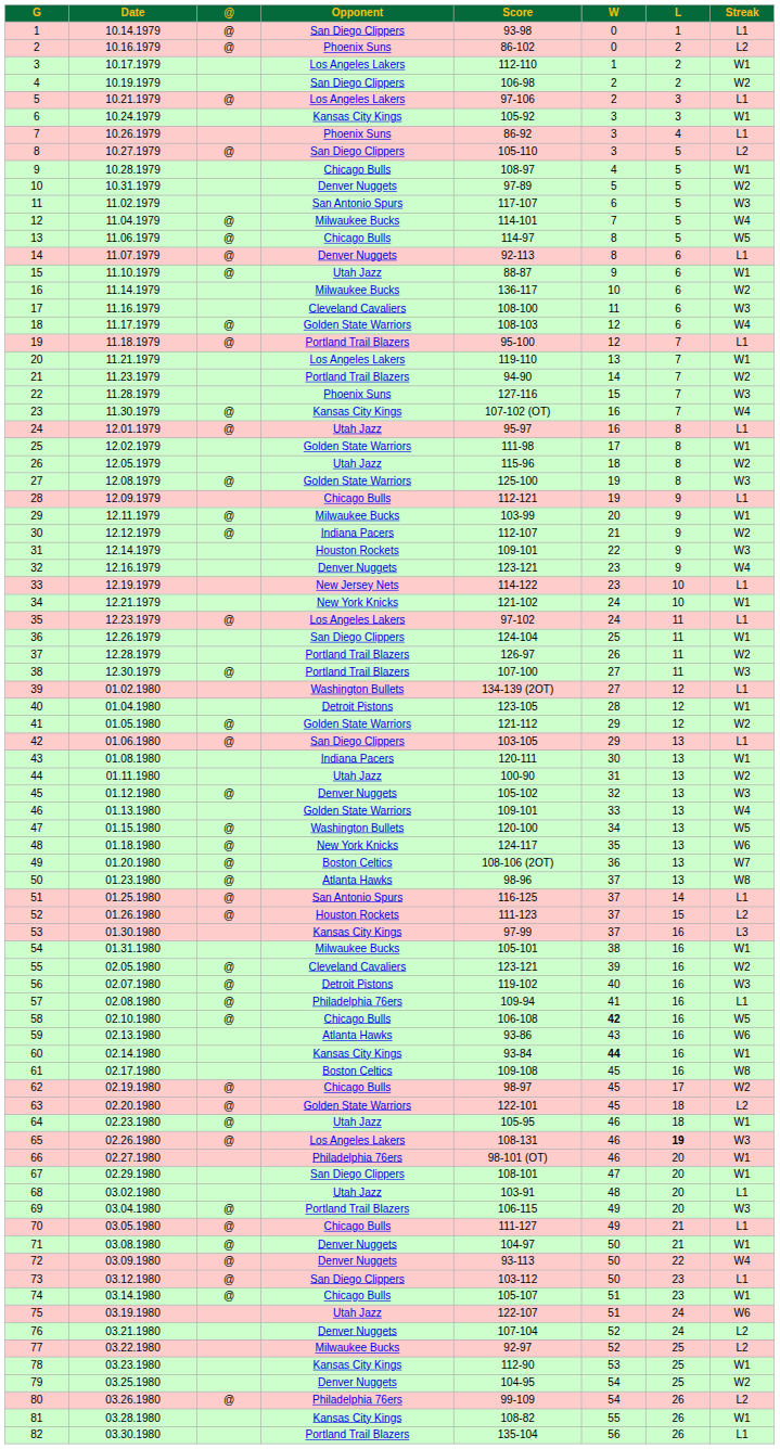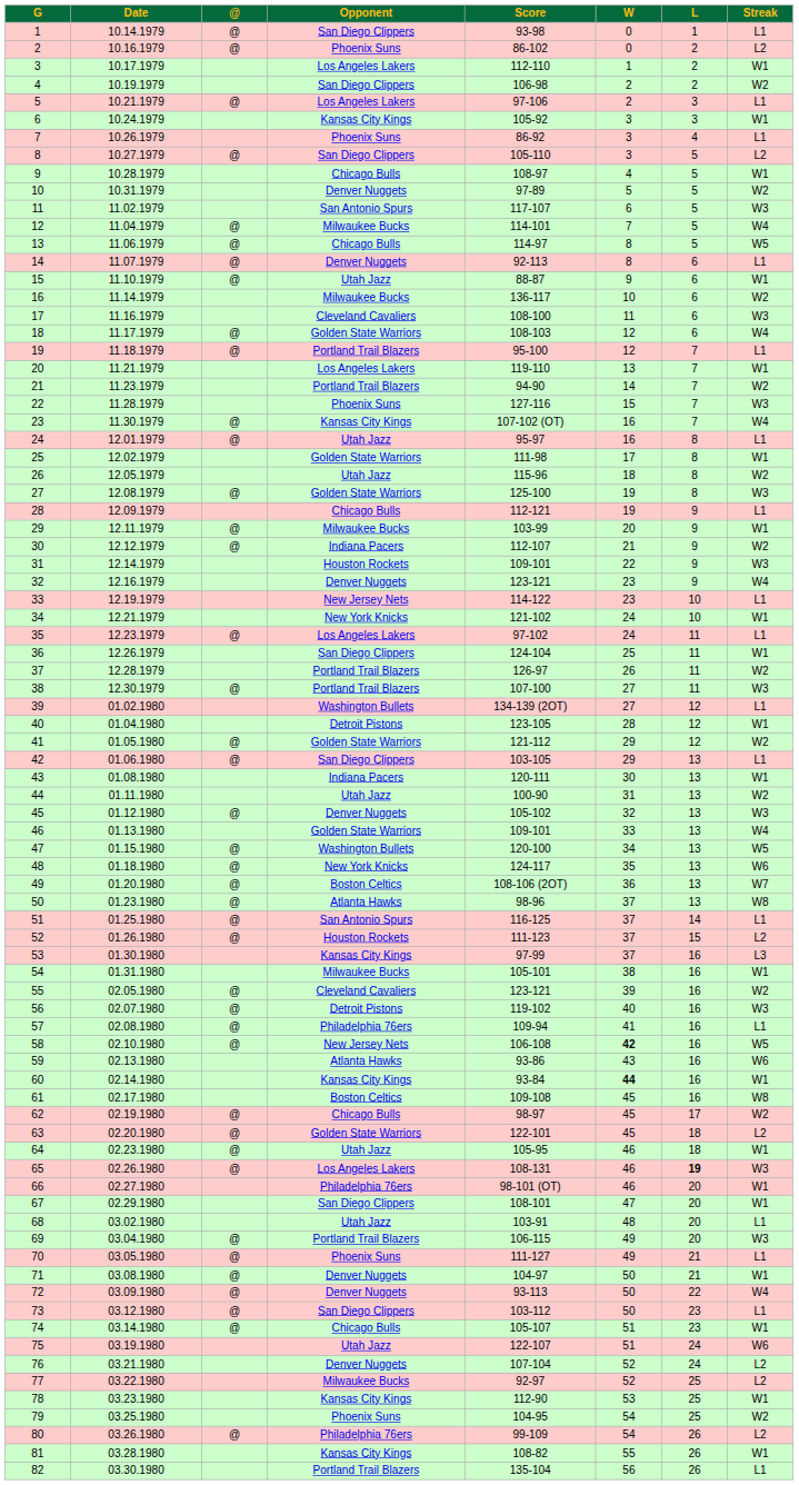 <table class="wikitable">
 <tr>
 <th style="background:#046A3C; color:#FCBE14" width="5%">G</th>
 <th style="background:#046A3C; color:#FCBE14" width="10%">Date</th>
 <th style="background:#046A3C; color:#FCBE14" width="5%">@</th>
 <th style="background:#046A3C; color:#FCBE14" width="15%">Opponent</th>
 <th style="background:#046A3C; color:#FCBE14" width="10%">Score</th>
 <th style="background:#046A3C; color:#FCBE14" width="5%">W</th>
 <th style="background:#046A3C; color:#FCBE14" width="5%">L</th>
 <th style="background:#046A3C; color:#FCBE14" width="5%">Streak</th>
 </tr>
 <tr style="text-align:center; background:#ffcccc;">
 <td>1</td>
 <td>10.14.1979</td>
 <td>@</td>
 <td><a href='#'>San Diego Clippers</a></td>
 <td>93-98</td>
 <td>0</td>
 <td>1</td>
 <td>L1</td>
 </tr>
 <tr style="text-align:center; background:#ffcccc;">
 <td>2</td>
 <td>10.16.1979</td>
 <td>@</td>
 <td><a href='#'>Phoenix Suns</a></td>
 <td>86-102</td>
 <td>0</td>
 <td>2</td>
 <td>L2</td>
 </tr>
 <tr style="text-align:center; background:#ccffcc;">
 <td>3</td>
 <td>10.17.1979</td>
 <td></td>
 <td><a href='#'>Los Angeles Lakers</a></td>
 <td>112-110</td>
 <td>1</td>
 <td>2</td>
 <td>W1</td>
 </tr>
 <tr style="text-align:center; background:#ccffcc;">
 <td>4</td>
 <td>10.19.1979</td>
 <td></td>
 <td><a href='#'>San Diego Clippers</a></td>
 <td>106-98</td>
 <td>2</td>
 <td>2</td>
 <td>W2</td>
 </tr>
 <tr style="text-align:center; background:#ffcccc;">
 <td>5</td>
 <td>10.21.1979</td>
 <td>@</td>
 <td><a href='#'>Los Angeles Lakers</a></td>
 <td>97-106</td>
 <td>2</td>
 <td>3</td>
 <td>L1</td>
 </tr>
 <tr style="text-align:center; background:#ccffcc;">
 <td>6</td>
 <td>10.24.1979</td>
 <td></td>
 <td><a href='#'>Kansas City Kings</a></td>
 <td>105-92</td>
 <td>3</td>
 <td>3</td>
 <td>W1</td>
 </tr>
 <tr style="text-align:center; background:#ffcccc;">
 <td>7</td>
 <td>10.26.1979</td>
 <td></td>
 <td><a href='#'>Phoenix Suns</a></td>
 <td>86-92</td>
 <td>3</td>
 <td>4</td>
 <td>L1</td>
 </tr>
 <tr style="text-align:center; background:#ffcccc;">
 <td>8</td>
 <td>10.27.1979</td>
 <td>@</td>
 <td><a href='#'>San Diego Clippers</a></td>
 <td>105-110</td>
 <td>3</td>
 <td>5</td>
 <td>L2</td>
 </tr>
 <tr style="text-align:center; background:#ccffcc;">
 <td>9</td>
 <td>10.28.1979</td>
 <td></td>
 <td><a href='#'>Chicago Bulls</a></td>
 <td>108-97</td>
 <td>4</td>
 <td>5</td>
 <td>W1</td>
 </tr>
 <tr style="text-align:center; background:#ccffcc;">
 <td>10</td>
 <td>10.31.1979</td>
 <td></td>
 <td><a href='#'>Denver Nuggets</a></td>
 <td>97-89</td>
 <td>5</td>
 <td>5</td>
 <td>W2</td>
 </tr>
 <tr style="text-align:center; background:#ccffcc;">
 <td>11</td>
 <td>11.02.1979</td>
 <td></td>
 <td><a href='#'>San Antonio Spurs</a></td>
 <td>117-107</td>
 <td>6</td>
 <td>5</td>
 <td>W3</td>
 </tr>
 <tr style="text-align:center; background:#ccffcc;">
 <td>12</td>
 <td>11.04.1979</td>
 <td>@</td>
 <td><a href='#'>Milwaukee Bucks</a></td>
 <td>114-101</td>
 <td>7</td>
 <td>5</td>
 <td>W4</td>
 </tr>
 <tr style="text-align:center; background:#ccffcc;">
 <td>13</td>
 <td>11.06.1979</td>
 <td>@</td>
 <td><a href='#'>Chicago Bulls</a></td>
 <td>114-97</td>
 <td>8</td>
 <td>5</td>
 <td>W5</td>
 </tr>
 <tr style="text-align:center; background:#ffcccc;">
 <td>14</td>
 <td>11.07.1979</td>
 <td>@</td>
 <td><a href='#'>Denver Nuggets</a></td>
 <td>92-113</td>
 <td>8</td>
 <td>6</td>
 <td>L1</td>
 </tr>
 <tr style="text-align:center; background:#ccffcc;">
 <td>15</td>
 <td>11.10.1979</td>
 <td>@</td>
 <td><a href='#'>Utah Jazz</a></td>
 <td>88-87</td>
 <td>9</td>
 <td>6</td>
 <td>W1</td>
 </tr>
 <tr style="text-align:center; background:#ccffcc;">
 <td>16</td>
 <td>11.14.1979</td>
 <td></td>
 <td><a href='#'>Milwaukee Bucks</a></td>
 <td>136-117</td>
 <td>10</td>
 <td>6</td>
 <td>W2</td>
 </tr>
 <tr style="text-align:center; background:#ccffcc;">
 <td>17</td>
 <td>11.16.1979</td>
 <td></td>
 <td><a href='#'>Cleveland Cavaliers</a></td>
 <td>108-100</td>
 <td>11</td>
 <td>6</td>
 <td>W3</td>
 </tr>
 <tr style="text-align:center; background:#ccffcc;">
 <td>18</td>
 <td>11.17.1979</td>
 <td>@</td>
 <td><a href='#'>Golden State Warriors</a></td>
 <td>108-103</td>
 <td>12</td>
 <td>6</td>
 <td>W4</td>
 </tr>
 <tr style="text-align:center; background:#ffcccc;">
 <td>19</td>
 <td>11.18.1979</td>
 <td>@</td>
 <td><a href='#'>Portland Trail Blazers</a></td>
 <td>95-100</td>
 <td>12</td>
 <td>7</td>
 <td>L1</td>
 </tr>
 <tr style="text-align:center; background:#ccffcc;">
 <td>20</td>
 <td>11.21.1979</td>
 <td></td>
 <td><a href='#'>Los Angeles Lakers</a></td>
 <td>119-110</td>
 <td>13</td>
 <td>7</td>
 <td>W1</td>
 </tr>
 <tr style="text-align:center; background:#ccffcc;">
 <td>21</td>
 <td>11.23.1979</td>
 <td></td>
 <td><a href='#'>Portland Trail Blazers</a></td>
 <td>94-90</td>
 <td>14</td>
 <td>7</td>
 <td>W2</td>
 </tr>
 <tr style="text-align:center; background:#ccffcc;">
 <td>22</td>
 <td>11.28.1979</td>
 <td></td>
 <td><a href='#'>Phoenix Suns</a></td>
 <td>127-116</td>
 <td>15</td>
 <td>7</td>
 <td>W3</td>
 </tr>
 <tr style="text-align:center; background:#ccffcc;">
 <td>23</td>
 <td>11.30.1979</td>
 <td>@</td>
 <td><a href='#'>Kansas City Kings</a></td>
 <td>107-102 (OT)</td>
 <td>16</td>
 <td>7</td>
 <td>W4</td>
 </tr>
 <tr style="text-align:center; background:#ffcccc;">
 <td>24</td>
 <td>12.01.1979</td>
 <td>@</td>
 <td><a href='#'>Utah Jazz</a></td>
 <td>95-97</td>
 <td>16</td>
 <td>8</td>
 <td>L1</td>
 </tr>
 <tr style="text-align:center; background:#ccffcc;">
 <td>25</td>
 <td>12.02.1979</td>
 <td></td>
 <td><a href='#'>Golden State Warriors</a></td>
 <td>111-98</td>
 <td>17</td>
 <td>8</td>
 <td>W1</td>
 </tr>
 <tr style="text-align:center; background:#ccffcc;">
 <td>26</td>
 <td>12.05.1979</td>
 <td></td>
 <td><a href='#'>Utah Jazz</a></td>
 <td>115-96</td>
 <td>18</td>
 <td>8</td>
 <td>W2</td>
 </tr>
 <tr style="text-align:center; background:#ccffcc;">
 <td>27</td>
 <td>12.08.1979</td>
 <td>@</td>
 <td><a href='#'>Golden State Warriors</a></td>
 <td>125-100</td>
 <td>19</td>
 <td>8</td>
 <td>W3</td>
 </tr>
 <tr style="text-align:center; background:#ffcccc;">
 <td>28</td>
 <td>12.09.1979</td>
 <td></td>
 <td><a href='#'>Chicago Bulls</a></td>
 <td>112-121</td>
 <td>19</td>
 <td>9</td>
 <td>L1</td>
 </tr>
 <tr style="text-align:center; background:#ccffcc;">
 <td>29</td>
 <td>12.11.1979</td>
 <td>@</td>
 <td><a href='#'>Milwaukee Bucks</a></td>
 <td>103-99</td>
 <td>20</td>
 <td>9</td>
 <td>W1</td>
 </tr>
 <tr style="text-align:center; background:#ccffcc;">
 <td>30</td>
 <td>12.12.1979</td>
 <td>@</td>
 <td><a href='#'>Indiana Pacers</a></td>
 <td>112-107</td>
 <td>21</td>
 <td>9</td>
 <td>W2</td>
 </tr>
 <tr style="text-align:center; background:#ccffcc;">
 <td>31</td>
 <td>12.14.1979</td>
 <td></td>
 <td><a href='#'>Houston Rockets</a></td>
 <td>109-101</td>
 <td>22</td>
 <td>9</td>
 <td>W3</td>
 </tr>
 <tr style="text-align:center; background:#ccffcc;">
 <td>32</td>
 <td>12.16.1979</td>
 <td></td>
 <td><a href='#'>Denver Nuggets</a></td>
 <td>123-121</td>
 <td>23</td>
 <td>9</td>
 <td>W4</td>
 </tr>
 <tr style="text-align:center; background:#ffcccc;">
 <td>33</td>
 <td>12.19.1979</td>
 <td></td>
 <td><a href='#'>New Jersey Nets</a></td>
 <td>114-122</td>
 <td>23</td>
 <td>10</td>
 <td>L1</td>
 </tr>
 <tr style="text-align:center; background:#ccffcc;">
 <td>34</td>
 <td>12.21.1979</td>
 <td></td>
 <td><a href='#'>New York Knicks</a></td>
 <td>121-102</td>
 <td>24</td>
 <td>10</td>
 <td>W1</td>
 </tr>
 <tr style="text-align:center; background:#ffcccc;">
 <td>35</td>
 <td>12.23.1979</td>
 <td>@</td>
 <td><a href='#'>Los Angeles Lakers</a></td>
 <td>97-102</td>
 <td>24</td>
 <td>11</td>
 <td>L1</td>
 </tr>
 <tr style="text-align:center; background:#ccffcc;">
 <td>36</td>
 <td>12.26.1979</td>
 <td></td>
 <td><a href='#'>San Diego Clippers</a></td>
 <td>124-104</td>
 <td>25</td>
 <td>11</td>
 <td>W1</td>
 </tr>
 <tr style="text-align:center; background:#ccffcc;">
 <td>37</td>
 <td>12.28.1979</td>
 <td></td>
 <td><a href='#'>Portland Trail Blazers</a></td>
 <td>126-97</td>
 <td>26</td>
 <td>11</td>
 <td>W2</td>
 </tr>
 <tr style="text-align:center; background:#ccffcc;">
 <td>38</td>
 <td>12.30.1979</td>
 <td>@</td>
 <td><a href='#'>Portland Trail Blazers</a></td>
 <td>107-100</td>
 <td>27</td>
 <td>11</td>
 <td>W3</td>
 </tr>
 <tr style="text-align:center; background:#ffcccc;">
 <td>39</td>
 <td>01.02.1980</td>
 <td></td>
 <td><a href='#'>Washington Bullets</a></td>
 <td>134-139 (2OT)</td>
 <td>27</td>
 <td>12</td>
 <td>L1</td>
 </tr>
 <tr style="text-align:center; background:#ccffcc;">
 <td>40</td>
 <td>01.04.1980</td>
 <td></td>
 <td><a href='#'>Detroit Pistons</a></td>
 <td>123-105</td>
 <td>28</td>
 <td>12</td>
 <td>W1</td>
 </tr>
 <tr style="text-align:center; background:#ccffcc;">
 <td>41</td>
 <td>01.05.1980</td>
 <td>@</td>
 <td><a href='#'>Golden State Warriors</a></td>
 <td>121-112</td>
 <td>29</td>
 <td>12</td>
 <td>W2</td>
 </tr>
 <tr style="text-align:center; background:#ffcccc;">
 <td>42</td>
 <td>01.06.1980</td>
 <td>@</td>
 <td><a href='#'>San Diego Clippers</a></td>
 <td>103-105</td>
 <td>29</td>
 <td>13</td>
 <td>L1</td>
 </tr>
 <tr style="text-align:center; background:#ccffcc;">
 <td>43</td>
 <td>01.08.1980</td>
 <td></td>
 <td><a href='#'>Indiana Pacers</a></td>
 <td>120-111</td>
 <td>30</td>
 <td>13</td>
 <td>W1</td>
 </tr>
 <tr style="text-align:center; background:#ccffcc;">
 <td>44</td>
 <td>01.11.1980</td>
 <td></td>
 <td><a href='#'>Utah Jazz</a></td>
 <td>100-90</td>
 <td>31</td>
 <td>13</td>
 <td>W2</td>
 </tr>
 <tr style="text-align:center; background:#ccffcc;">
 <td>45</td>
 <td>01.12.1980</td>
 <td>@</td>
 <td><a href='#'>Denver Nuggets</a></td>
 <td>105-102</td>
 <td>32</td>
 <td>13</td>
 <td>W3</td>
 </tr>
 <tr style="text-align:center; background:#ccffcc;">
 <td>46</td>
 <td>01.13.1980</td>
 <td></td>
 <td><a href='#'>Golden State Warriors</a></td>
 <td>109-101</td>
 <td>33</td>
 <td>13</td>
 <td>W4</td>
 </tr>
 <tr style="text-align:center; background:#ccffcc;">
 <td>47</td>
 <td>01.15.1980</td>
 <td>@</td>
 <td><a href='#'>Washington Bullets</a></td>
 <td>120-100</td>
 <td>34</td>
 <td>13</td>
 <td>W5</td>
 </tr>
 <tr style="text-align:center; background:#ccffcc;">
 <td>48</td>
 <td>01.18.1980</td>
 <td>@</td>
 <td><a href='#'>New York Knicks</a></td>
 <td>124-117</td>
 <td>35</td>
 <td>13</td>
 <td>W6</td>
 </tr>
 <tr style="text-align:center; background:#ccffcc;">
 <td>49</td>
 <td>01.20.1980</td>
 <td>@</td>
 <td><a href='#'>Boston Celtics</a></td>
 <td>108-106 (2OT)</td>
 <td>36</td>
 <td>13</td>
 <td>W7</td>
 </tr>
 <tr style="text-align:center; background:#ccffcc;">
 <td>50</td>
 <td>01.23.1980</td>
 <td>@</td>
 <td><a href='#'>Atlanta Hawks</a></td>
 <td>98-96</td>
 <td>37</td>
 <td>13</td>
 <td>W8</td>
 </tr>
 <tr style="text-align:center; background:#ffcccc;">
 <td>51</td>
 <td>01.25.1980</td>
 <td>@</td>
 <td><a href='#'>San Antonio Spurs</a></td>
 <td>116-125</td>
 <td>37</td>
 <td>14</td>
 <td>L1</td>
 </tr>
 <tr style="text-align:center; background:#ffcccc;">
 <td>52</td>
 <td>01.26.1980</td>
 <td>@</td>
 <td><a href='#'>Houston Rockets</a></td>
 <td>111-123</td>
 <td>37</td>
 <td>15</td>
 <td>L2</td>
 </tr>
 <tr style="text-align:center; background:#ffcccc;">
 <td>53</td>
 <td>01.30.1980</td>
 <td></td>
 <td><a href='#'>Kansas City Kings</a></td>
 <td>97-99</td>
 <td>37</td>
 <td>16</td>
 <td>L3</td>
 </tr>
 <tr style="text-align:center; background:#ccffcc;">
 <td>54</td>
 <td>01.31.1980</td>
 <td></td>
 <td><a href='#'>Milwaukee Bucks</a></td>
 <td>105-101</td>
 <td>38</td>
 <td>16</td>
 <td>W1</td>
 </tr>
 <tr style="text-align:center; background:#ccffcc;">
 <td>55</td>
 <td>02.05.1980</td>
 <td>@</td>
 <td><a href='#'>Cleveland Cavaliers</a></td>
 <td>123-121</td>
 <td>39</td>
 <td>16</td>
 <td>W2</td>
 </tr>
 <tr style="text-align:center; background:#ccffcc;">
 <td>56</td>
 <td>02.07.1980</td>
 <td>@</td>
 <td><a href='#'>Detroit Pistons</a></td>
 <td>119-102</td>
 <td>40</td>
 <td>16</td>
 <td>W3</td>
 </tr>
 <tr style="text-align:center; background:#ccffcc;">
 <td>57</td>
 <td>02.08.1980</td>
 <td>@</td>
 <td><a href='#'>Philadelphia 76ers</a></td>
 <td>109-94</td>
 <td>41</td>
 <td>16</td>
 <td>L1</td>
 </tr>
 <tr style="text-align:center; background:#ccffcc;">
 <td>58</td>
 <td>02.10.1980</td>
 <td>@</td>
-<td><a href='#'>Chicago Bulls</a></td>
+<td><a href='#'>New Jersey Nets</a></td>
 <td>106-108</td>
 <td><strong>42</strong></td>
 <td>16</td>
 <td>W5</td>
 </tr>
 <tr style="text-align:center; background:#ccffcc;">
 <td>59</td>
 <td>02.13.1980</td>
 <td></td>
 <td><a href='#'>Atlanta Hawks</a></td>
 <td>93-86</td>
 <td>43</td>
 <td>16</td>
 <td>W6</td>
 </tr>
 <tr style="text-align:center; background:#ccffcc;">
 <td>60</td>
 <td>02.14.1980</td>
 <td></td>
 <td><a href='#'>Kansas City Kings</a></td>
 <td>93-84</td>
 <td><strong>44</strong></td>
 <td>16</td>
 <td>W1</td>
 </tr>
 <tr style="text-align:center; background:#ccffcc;">
 <td>61</td>
 <td>02.17.1980</td>
 <td></td>
 <td><a href='#'>Boston Celtics</a></td>
 <td>109-108</td>
 <td>45</td>
 <td>16</td>
 <td>W8</td>
 </tr>
 <tr style="text-align:center; background:#ffcccc;">
 <td>62</td>
 <td>02.19.1980</td>
 <td>@</td>
 <td><a href='#'>Chicago Bulls</a></td>
 <td>98-97</td>
 <td>45</td>
 <td>17</td>
 <td>W2</td>
 </tr>
 <tr style="text-align:center; background:#ffcccc;">
 <td>63</td>
 <td>02.20.1980</td>
 <td>@</td>
 <td><a href='#'>Golden State Warriors</a></td>
 <td>122-101</td>
 <td>45</td>
 <td>18</td>
 <td>L2</td>
 </tr>
 <tr style="text-align:center; background:#ccffcc;">
 <td>64</td>
 <td>02.23.1980</td>
 <td>@</td>
 <td><a href='#'>Utah Jazz</a></td>
 <td>105-95</td>
 <td>46</td>
 <td>18</td>
 <td>W1</td>
 </tr>
 <tr style="text-align:center; background:#ffcccc;">
 <td>65</td>
 <td>02.26.1980</td>
 <td>@</td>
 <td><a href='#'>Los Angeles Lakers</a></td>
 <td>108-131</td>
 <td>46</td>
 <td><strong>19</strong></td>
 <td>W3</td>
 </tr>
 <tr style="text-align:center; background:#ffcccc;">
 <td>66</td>
 <td>02.27.1980</td>
 <td></td>
 <td><a href='#'>Philadelphia 76ers</a></td>
 <td>98-101 (OT)</td>
 <td>46</td>
 <td>20</td>
 <td>W1</td>
 </tr>
 <tr style="text-align:center; background:#ccffcc;">
 <td>67</td>
 <td>02.29.1980</td>
 <td></td>
 <td><a href='#'>San Diego Clippers</a></td>
 <td>108-101</td>
 <td>47</td>
 <td>20</td>
 <td>W1</td>
 </tr>
 <tr style="text-align:center; background:#ccffcc;">
 <td>68</td>
 <td>03.02.1980</td>
 <td></td>
 <td><a href='#'>Utah Jazz</a></td>
 <td>103-91</td>
 <td>48</td>
 <td>20</td>
 <td>L1</td>
 </tr>
 <tr style="text-align:center; background:#ccffcc;">
 <td>69</td>
 <td>03.04.1980</td>
 <td>@</td>
 <td><a href='#'>Portland Trail Blazers</a></td>
 <td>106-115</td>
 <td>49</td>
 <td>20</td>
 <td>W3</td>
 </tr>
 <tr style="text-align:center; background:#ffcccc;">
 <td>70</td>
 <td>03.05.1980</td>
 <td>@</td>
-<td><a href='#'>Chicago Bulls</a></td>
+<td><a href='#'>Phoenix Suns</a></td>
 <td>111-127</td>
 <td>49</td>
 <td>21</td>
 <td>L1</td>
 </tr>
 <tr style="text-align:center; background:#ccffcc;">
 <td>71</td>
 <td>03.08.1980</td>
 <td>@</td>
 <td><a href='#'>Denver Nuggets</a></td>
 <td>104-97</td>
 <td>50</td>
 <td>21</td>
 <td>W1</td>
 </tr>
 <tr style="text-align:center; background:#ffcccc;">
 <td>72</td>
 <td>03.09.1980</td>
 <td>@</td>
 <td><a href='#'>Denver Nuggets</a></td>
 <td>93-113</td>
 <td>50</td>
 <td>22</td>
 <td>W4</td>
 </tr>
 <tr style="text-align:center; background:#ffcccc;">
 <td>73</td>
 <td>03.12.1980</td>
 <td>@</td>
 <td><a href='#'>San Diego Clippers</a></td>
 <td>103-112</td>
 <td>50</td>
 <td>23</td>
 <td>L1</td>
 </tr>
 <tr style="text-align:center; background:#ccffcc;">
 <td>74</td>
 <td>03.14.1980</td>
 <td>@</td>
 <td><a href='#'>Chicago Bulls</a></td>
 <td>105-107</td>
 <td>51</td>
 <td>23</td>
 <td>W1</td>
 </tr>
 <tr style="text-align:center; background:#ffcccc;">
 <td>75</td>
 <td>03.19.1980</td>
 <td></td>
 <td><a href='#'>Utah Jazz</a></td>
 <td>122-107</td>
 <td>51</td>
 <td>24</td>
 <td>W6</td>
 </tr>
 <tr style="text-align:center; background:#ccffcc;">
 <td>76</td>
 <td>03.21.1980</td>
 <td></td>
 <td><a href='#'>Denver Nuggets</a></td>
 <td>107-104</td>
 <td>52</td>
 <td>24</td>
 <td>L2</td>
 </tr>
 <tr style="text-align:center; background:#ffcccc;">
 <td>77</td>
 <td>03.22.1980</td>
 <td></td>
 <td><a href='#'>Milwaukee Bucks</a></td>
 <td>92-97</td>
 <td>52</td>
 <td>25</td>
 <td>L2</td>
 </tr>
 <tr style="text-align:center; background:#ccffcc;">
 <td>78</td>
 <td>03.23.1980</td>
 <td></td>
 <td><a href='#'>Kansas City Kings</a></td>
 <td>112-90</td>
 <td>53</td>
 <td>25</td>
 <td>W1</td>
 </tr>
 <tr style="text-align:center; background:#ccffcc;">
 <td>79</td>
 <td>03.25.1980</td>
 <td></td>
-<td><a href='#'>Denver Nuggets</a></td>
+<td><a href='#'>Phoenix Suns</a></td>
 <td>104-95</td>
 <td>54</td>
 <td>25</td>
 <td>W2</td>
 </tr>
 <tr style="text-align:center; background:#ffcccc;">
 <td>80</td>
 <td>03.26.1980</td>
 <td>@</td>
 <td><a href='#'>Philadelphia 76ers</a></td>
 <td>99-109</td>
 <td>54</td>
 <td>26</td>
 <td>L2</td>
 </tr>
 <tr style="text-align:center; background:#ccffcc;">
 <td>81</td>
 <td>03.28.1980</td>
 <td></td>
 <td><a href='#'>Kansas City Kings</a></td>
 <td>108-82</td>
 <td>55</td>
 <td>26</td>
 <td>W1</td>
 </tr>
 <tr style="text-align:center; background:#ccffcc;">
 <td>82</td>
 <td>03.30.1980</td>
 <td></td>
 <td><a href='#'>Portland Trail Blazers</a></td>
 <td>135-104</td>
 <td>56</td>
 <td>26</td>
 <td>L1</td>
 </tr>
 </table>
